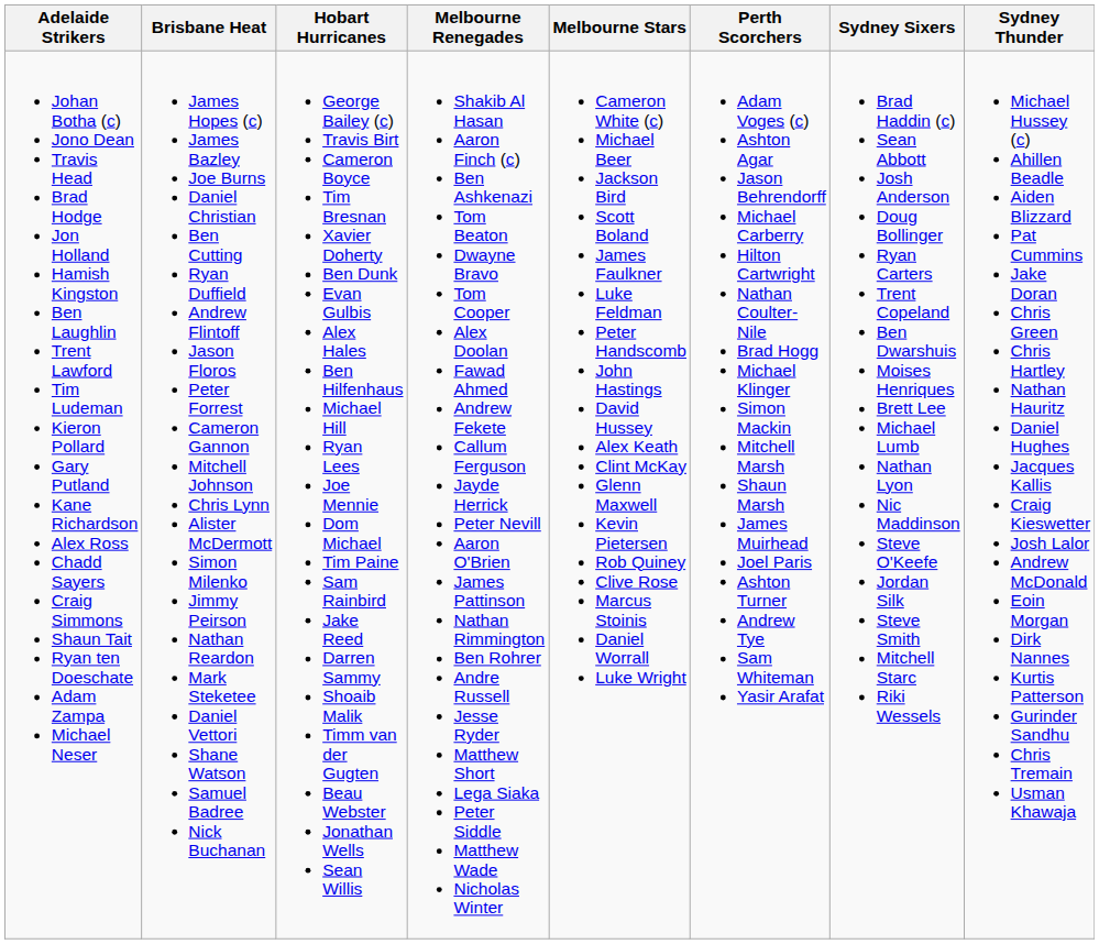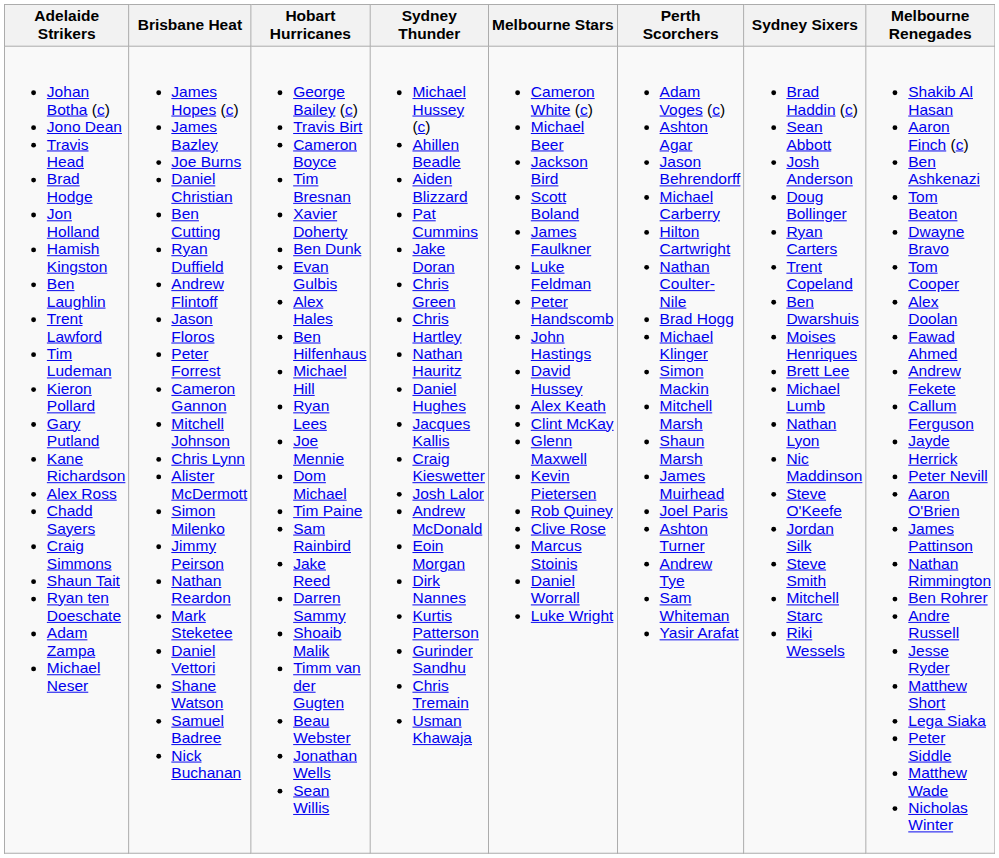 <table class="wikitable">
 <tr>
 <th>Adelaide Strikers</th>
 <th>Brisbane Heat</th>
 <th>Hobart Hurricanes</th>
-<th>Melbourne Renegades</th>
+<th>Sydney Thunder</th>
 <th>Melbourne Stars</th>
 <th>Perth Scorchers</th>
 <th>Sydney Sixers</th>
-<th>Sydney Thunder</th>
+<th>Melbourne Renegades</th>
 </tr>
 <tr>
 <td valign=top><br><ul><li><a href='#'>Johan Botha</a> (<a href='#'>c</a>)</li><li><a href='#'>Jono Dean</a></li><li><a href='#'>Travis Head</a></li><li><a href='#'>Brad Hodge</a></li><li><a href='#'>Jon Holland</a></li><li><a href='#'>Hamish Kingston</a></li><li><a href='#'>Ben Laughlin</a></li><li><a href='#'>Trent Lawford</a></li><li><a href='#'>Tim Ludeman</a></li><li><a href='#'>Kieron Pollard</a></li><li><a href='#'>Gary Putland</a></li><li><a href='#'>Kane Richardson</a></li><li><a href='#'>Alex Ross</a></li><li><a href='#'>Chadd Sayers</a></li><li><a href='#'>Craig Simmons</a></li><li><a href='#'>Shaun Tait</a></li><li><a href='#'>Ryan ten Doeschate</a></li><li><a href='#'>Adam Zampa</a></li><li><a href='#'>Michael Neser</a></li></ul></td>
 <td valign=top><br><ul><li><a href='#'>James Hopes</a> (<a href='#'>c</a>)</li><li><a href='#'>James Bazley</a></li><li><a href='#'>Joe Burns</a></li><li><a href='#'>Daniel Christian</a></li><li><a href='#'>Ben Cutting</a></li><li><a href='#'>Ryan Duffield</a></li><li><a href='#'>Andrew Flintoff</a></li><li><a href='#'>Jason Floros</a></li><li><a href='#'>Peter Forrest</a></li><li><a href='#'>Cameron Gannon</a></li><li><a href='#'>Mitchell Johnson</a></li><li><a href='#'>Chris Lynn</a></li><li><a href='#'>Alister McDermott</a></li><li><a href='#'>Simon Milenko</a></li><li><a href='#'>Jimmy Peirson</a></li><li><a href='#'>Nathan Reardon</a></li><li><a href='#'>Mark Steketee</a></li><li><a href='#'>Daniel Vettori</a></li><li><a href='#'>Shane Watson</a></li><li><a href='#'>Samuel Badree</a></li><li><a href='#'>Nick Buchanan</a></li></ul></td>
 <td valign=top><br><ul><li><a href='#'>George Bailey</a> (<a href='#'>c</a>)</li><li><a href='#'>Travis Birt</a></li><li><a href='#'>Cameron Boyce</a></li><li><a href='#'>Tim Bresnan</a></li><li><a href='#'>Xavier Doherty</a></li><li><a href='#'>Ben Dunk</a></li><li><a href='#'>Evan Gulbis</a></li><li><a href='#'>Alex Hales</a></li><li><a href='#'>Ben Hilfenhaus</a></li><li><a href='#'>Michael Hill</a></li><li><a href='#'>Ryan Lees</a></li><li><a href='#'>Joe Mennie</a></li><li><a href='#'>Dom Michael</a></li><li><a href='#'>Tim Paine</a></li><li><a href='#'>Sam Rainbird</a></li><li><a href='#'>Jake Reed</a></li><li><a href='#'>Darren Sammy</a></li><li><a href='#'>Shoaib Malik</a></li><li><a href='#'>Timm van der Gugten</a></li><li><a href='#'>Beau Webster</a></li><li><a href='#'>Jonathan Wells</a></li><li><a href='#'>Sean Willis</a></li></ul></td>
-<td valign=top><br><ul><li><a href='#'>Shakib Al Hasan</a></li><li><a href='#'>Aaron Finch</a> (<a href='#'>c</a>)</li><li><a href='#'>Ben Ashkenazi</a></li><li><a href='#'>Tom Beaton</a></li><li><a href='#'>Dwayne Bravo</a></li><li><a href='#'>Tom Cooper</a></li><li><a href='#'>Alex Doolan</a></li><li><a href='#'>Fawad Ahmed</a></li><li><a href='#'>Andrew Fekete</a></li><li><a href='#'>Callum Ferguson</a></li><li><a href='#'>Jayde Herrick</a></li><li><a href='#'>Peter Nevill</a></li><li><a href='#'>Aaron O'Brien</a></li><li><a href='#'>James Pattinson</a></li><li><a href='#'>Nathan Rimmington</a></li><li><a href='#'>Ben Rohrer</a></li><li><a href='#'>Andre Russell</a></li><li><a href='#'>Jesse Ryder</a></li><li><a href='#'>Matthew Short</a></li><li><a href='#'>Lega Siaka</a></li><li><a href='#'>Peter Siddle</a></li><li><a href='#'>Matthew Wade</a></li><li><a href='#'>Nicholas Winter</a></li></ul></td>
+<td valign=top><br><ul><li><a href='#'>Michael Hussey</a> (<a href='#'>c</a>)</li><li><a href='#'>Ahillen Beadle</a></li><li><a href='#'>Aiden Blizzard</a></li><li><a href='#'>Pat Cummins</a></li><li><a href='#'>Jake Doran</a></li><li><a href='#'>Chris Green</a></li><li><a href='#'>Chris Hartley</a></li><li><a href='#'>Nathan Hauritz</a></li><li><a href='#'>Daniel Hughes</a></li><li><a href='#'>Jacques Kallis</a></li><li><a href='#'>Craig Kieswetter</a></li><li><a href='#'>Josh Lalor</a></li><li><a href='#'>Andrew McDonald</a></li><li><a href='#'>Eoin Morgan</a></li><li><a href='#'>Dirk Nannes</a></li><li><a href='#'>Kurtis Patterson</a></li><li><a href='#'>Gurinder Sandhu</a></li><li><a href='#'>Chris Tremain</a></li><li><a href='#'>Usman Khawaja</a></li></ul></td>
 <td valign=top><br><ul><li><a href='#'>Cameron White</a> (<a href='#'>c</a>)</li><li><a href='#'>Michael Beer</a></li><li><a href='#'>Jackson Bird</a></li><li><a href='#'>Scott Boland</a></li><li><a href='#'>James Faulkner</a></li><li><a href='#'>Luke Feldman</a></li><li><a href='#'>Peter Handscomb</a></li><li><a href='#'>John Hastings</a></li><li><a href='#'>David Hussey</a></li><li><a href='#'>Alex Keath</a></li><li><a href='#'>Clint McKay</a></li><li><a href='#'>Glenn Maxwell</a></li><li><a href='#'>Kevin Pietersen</a></li><li><a href='#'>Rob Quiney</a></li><li><a href='#'>Clive Rose</a></li><li><a href='#'>Marcus Stoinis</a></li><li><a href='#'>Daniel Worrall</a></li><li><a href='#'>Luke Wright</a></li></ul></td>
 <td valign=top><br><ul><li><a href='#'>Adam Voges</a> (<a href='#'>c</a>)</li><li><a href='#'>Ashton Agar</a></li><li><a href='#'>Jason Behrendorff</a></li><li><a href='#'>Michael Carberry</a></li><li><a href='#'>Hilton Cartwright</a></li><li><a href='#'>Nathan Coulter-Nile</a></li><li><a href='#'>Brad Hogg</a></li><li><a href='#'>Michael Klinger</a></li><li><a href='#'>Simon Mackin</a></li><li><a href='#'>Mitchell Marsh</a></li><li><a href='#'>Shaun Marsh</a></li><li><a href='#'>James Muirhead</a></li><li><a href='#'>Joel Paris</a></li><li><a href='#'>Ashton Turner</a></li><li><a href='#'>Andrew Tye</a></li><li><a href='#'>Sam Whiteman</a></li><li><a href='#'>Yasir Arafat</a></li></ul></td>
 <td valign=top><br><ul><li><a href='#'>Brad Haddin</a> (<a href='#'>c</a>)</li><li><a href='#'>Sean Abbott</a></li><li><a href='#'>Josh Anderson</a></li><li><a href='#'>Doug Bollinger</a></li><li><a href='#'>Ryan Carters</a></li><li><a href='#'>Trent Copeland</a></li><li><a href='#'>Ben Dwarshuis</a></li><li><a href='#'>Moises Henriques</a></li><li><a href='#'>Brett Lee</a></li><li><a href='#'>Michael Lumb</a></li><li><a href='#'>Nathan Lyon</a></li><li><a href='#'>Nic Maddinson</a></li><li><a href='#'>Steve O'Keefe</a></li><li><a href='#'>Jordan Silk</a></li><li><a href='#'>Steve Smith</a></li><li><a href='#'>Mitchell Starc</a></li><li><a href='#'>Riki Wessels</a></li></ul></td>
-<td valign=top><br><ul><li><a href='#'>Michael Hussey</a> (<a href='#'>c</a>)</li><li><a href='#'>Ahillen Beadle</a></li><li><a href='#'>Aiden Blizzard</a></li><li><a href='#'>Pat Cummins</a></li><li><a href='#'>Jake Doran</a></li><li><a href='#'>Chris Green</a></li><li><a href='#'>Chris Hartley</a></li><li><a href='#'>Nathan Hauritz</a></li><li><a href='#'>Daniel Hughes</a></li><li><a href='#'>Jacques Kallis</a></li><li><a href='#'>Craig Kieswetter</a></li><li><a href='#'>Josh Lalor</a></li><li><a href='#'>Andrew McDonald</a></li><li><a href='#'>Eoin Morgan</a></li><li><a href='#'>Dirk Nannes</a></li><li><a href='#'>Kurtis Patterson</a></li><li><a href='#'>Gurinder Sandhu</a></li><li><a href='#'>Chris Tremain</a></li><li><a href='#'>Usman Khawaja</a></li></ul></td>
+<td valign=top><br><ul><li><a href='#'>Shakib Al Hasan</a></li><li><a href='#'>Aaron Finch</a> (<a href='#'>c</a>)</li><li><a href='#'>Ben Ashkenazi</a></li><li><a href='#'>Tom Beaton</a></li><li><a href='#'>Dwayne Bravo</a></li><li><a href='#'>Tom Cooper</a></li><li><a href='#'>Alex Doolan</a></li><li><a href='#'>Fawad Ahmed</a></li><li><a href='#'>Andrew Fekete</a></li><li><a href='#'>Callum Ferguson</a></li><li><a href='#'>Jayde Herrick</a></li><li><a href='#'>Peter Nevill</a></li><li><a href='#'>Aaron O'Brien</a></li><li><a href='#'>James Pattinson</a></li><li><a href='#'>Nathan Rimmington</a></li><li><a href='#'>Ben Rohrer</a></li><li><a href='#'>Andre Russell</a></li><li><a href='#'>Jesse Ryder</a></li><li><a href='#'>Matthew Short</a></li><li><a href='#'>Lega Siaka</a></li><li><a href='#'>Peter Siddle</a></li><li><a href='#'>Matthew Wade</a></li><li><a href='#'>Nicholas Winter</a></li></ul></td>
 </tr>
 </table>
